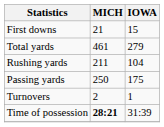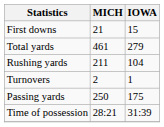 <table class="wikitable">
 <tr>
 <th>Statistics</th>
 <th>MICH</th>
 <th>IOWA</th>
 </tr>
 <tr>
 <td>First downs</td>
 <td>21</td>
 <td>15</td>
 </tr>
 <tr>
 <td>Total yards</td>
 <td>461</td>
 <td>279</td>
 </tr>
 <tr>
 <td>Rushing yards</td>
 <td>211</td>
 <td>104</td>
 </tr>
 <tr>
+<td>Turnovers</td>
+<td>2</td>
+<td>1</td>
+</tr>
+<tr>
 <td>Passing yards</td>
 <td>250</td>
 <td>175</td>
 </tr>
 <tr>
-<td>Turnovers</td>
-<td>2</td>
-<td>1</td>
-</tr>
-<tr>
 <td>Time of possession</td>
-<td><strong>28:21</strong></td>
+<td>28:21</td>
 <td>31:39</td>
 </tr>
 <tr>
 </tr>
 </table>
